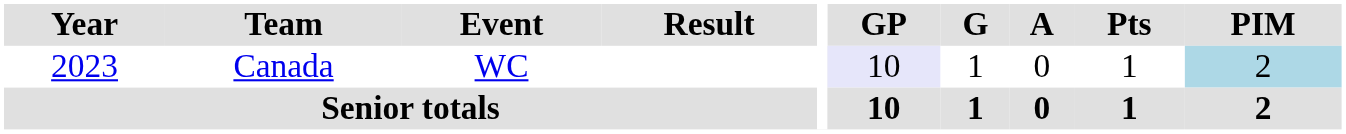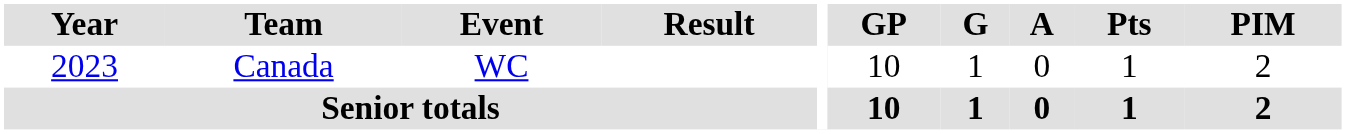 <table border="0" cellpadding="1" cellspacing="0" ID="Table3" style="text-align:center; width:40em">
 <tr bgcolor="#e0e0e0">
 <th>Year</th>
 <th>Team</th>
 <th>Event</th>
 <th>Result</th>
 <th rowspan="99" bgcolor="#ffffff"></th>
 <th>GP</th>
 <th>G</th>
 <th>A</th>
 <th>Pts</th>
 <th>PIM</th>
 </tr>
 <tr>
 <td><a href='#'>2023</a></td>
 <td><a href='#'>Canada</a></td>
 <td><a href='#'>WC</a></td>
 <td></td>
-<td style="background: lavender;">10</td>
+<td>10</td>
 <td>1</td>
 <td>0</td>
 <td>1</td>
-<td style="background: lightblue;">2</td>
+<td>2</td>
 </tr>
 <tr bgcolor="#e0e0e0">
 <th colspan="4">Senior totals</th>
 <th>10</th>
 <th>1</th>
 <th>0</th>
 <th>1</th>
 <th>2</th>
 </tr>
 </table>
